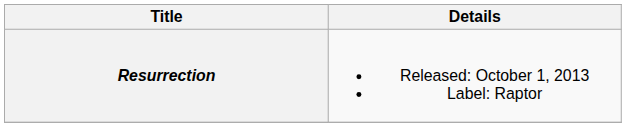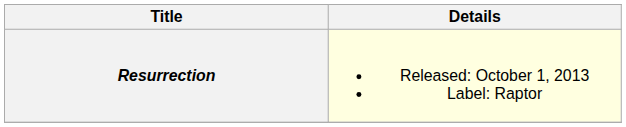 <table class="wikitable plainrowheaders" style="text-align:center;">
 <tr>
 <th style="width:20em;">Title</th>
 <th style="width:18em;">Details</th>
 </tr>
 <tr>
 <th scope="row"><em>Resurrection</em></th>
-<td><br><ul><li>Released: October 1, 2013</li><li>Label: Raptor</li></ul></td>
+<td style="background: lightyellow;"><br><ul><li>Released: October 1, 2013</li><li>Label: Raptor</li></ul></td>
 </tr>
 <tr>
 </tr>
 </table>
